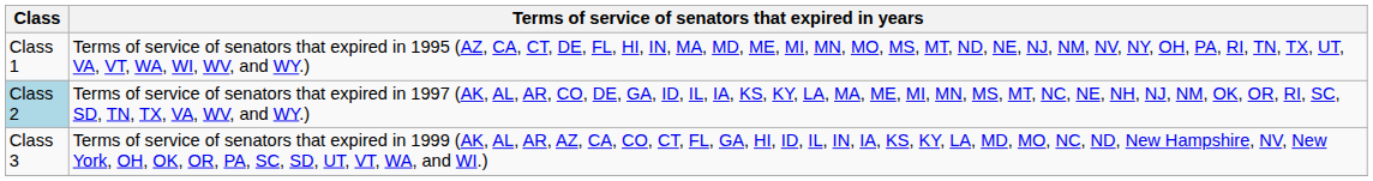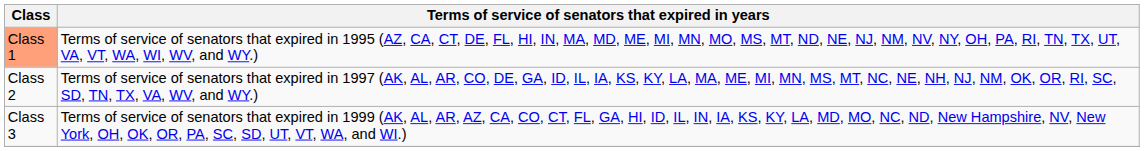 <table class="wikitable sortable">
 <tr valign=bottom>
 <th>Class</th>
 <th>Terms of service of senators that expired in years</th>
 </tr>
 <tr>
-<td>Class 1</td>
+<td style="background: lightsalmon;">Class 1</td>
 <td>Terms of service of senators that expired in 1995 (<a href='#'>AZ</a>, <a href='#'>CA</a>, <a href='#'>CT</a>, <a href='#'>DE</a>, <a href='#'>FL</a>, <a href='#'>HI</a>, <a href='#'>IN</a>, <a href='#'>MA</a>, <a href='#'>MD</a>, <a href='#'>ME</a>, <a href='#'>MI</a>, <a href='#'>MN</a>, <a href='#'>MO</a>, <a href='#'>MS</a>, <a href='#'>MT</a>, <a href='#'>ND</a>, <a href='#'>NE</a>, <a href='#'>NJ</a>, <a href='#'>NM</a>, <a href='#'>NV</a>, <a href='#'>NY</a>, <a href='#'>OH</a>, <a href='#'>PA</a>, <a href='#'>RI</a>, <a href='#'>TN</a>, <a href='#'>TX</a>, <a href='#'>UT</a>, <a href='#'>VA</a>, <a href='#'>VT</a>, <a href='#'>WA</a>, <a href='#'>WI</a>, <a href='#'>WV</a>, and <a href='#'>WY</a>.)</td>
 </tr>
 <tr>
-<td style="background: lightblue;">Class 2</td>
+<td>Class 2</td>
 <td>Terms of service of senators that expired in 1997 (<a href='#'>AK</a>, <a href='#'>AL</a>, <a href='#'>AR</a>, <a href='#'>CO</a>, <a href='#'>DE</a>, <a href='#'>GA</a>, <a href='#'>ID</a>, <a href='#'>IL</a>, <a href='#'>IA</a>, <a href='#'>KS</a>, <a href='#'>KY</a>, <a href='#'>LA</a>, <a href='#'>MA</a>, <a href='#'>ME</a>, <a href='#'>MI</a>, <a href='#'>MN</a>, <a href='#'>MS</a>, <a href='#'>MT</a>, <a href='#'>NC</a>, <a href='#'>NE</a>, <a href='#'>NH</a>, <a href='#'>NJ</a>, <a href='#'>NM</a>, <a href='#'>OK</a>, <a href='#'>OR</a>, <a href='#'>RI</a>, <a href='#'>SC</a>, <a href='#'>SD</a>, <a href='#'>TN</a>, <a href='#'>TX</a>, <a href='#'>VA</a>, <a href='#'>WV</a>, and <a href='#'>WY</a>.)</td>
 </tr>
 <tr>
 <td>Class 3</td>
 <td>Terms of service of senators that expired in 1999 (<a href='#'>AK</a>, <a href='#'>AL</a>, <a href='#'>AR</a>, <a href='#'>AZ</a>, <a href='#'>CA</a>, <a href='#'>CO</a>, <a href='#'>CT</a>, <a href='#'>FL</a>, <a href='#'>GA</a>, <a href='#'>HI</a>, <a href='#'>ID</a>, <a href='#'>IL</a>, <a href='#'>IN</a>, <a href='#'>IA</a>, <a href='#'>KS</a>, <a href='#'>KY</a>, <a href='#'>LA</a>, <a href='#'>MD</a>, <a href='#'>MO</a>, <a href='#'>NC</a>, <a href='#'>ND</a>, <a href='#'>New Hampshire</a>, <a href='#'>NV</a>, <a href='#'>New York</a>, <a href='#'>OH</a>, <a href='#'>OK</a>, <a href='#'>OR</a>, <a href='#'>PA</a>, <a href='#'>SC</a>, <a href='#'>SD</a>, <a href='#'>UT</a>, <a href='#'>VT</a>, <a href='#'>WA</a>, and <a href='#'>WI</a>.)</td>
 </tr>
 <tr>
 </tr>
 </table>
